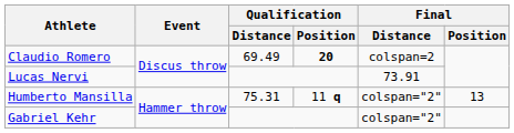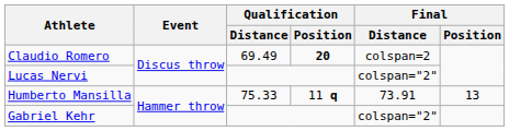 <table class="wikitable" style="font-size:90%">
 <tr>
 <th rowspan="2">Athlete</th>
 <th rowspan="2">Event</th>
 <th colspan="2">Qualification</th>
 <th colspan="2">Final</th>
 </tr>
 <tr>
 <th>Distance</th>
 <th>Position</th>
 <th>Distance</th>
 <th>Position</th>
 </tr>
 <tr style=text-align:center>
 <td style=text-align:left><a href='#'>Claudio Romero</a></td>
 <td style=text-align:left rowspan="2"><a href='#'>Discus throw</a></td>
 <td>69.49</td>
 <td><strong>20</strong></td>
 <td>colspan=2</td>
 </tr>
 <tr style=text-align:center>
 <td style=text-align:left><a href='#'>Lucas Nervi</a></td>
 <td colspan="2"></td>
-<td>73.91</td>
+<td>colspan="2" </td>
 </tr>
 <tr style=text-align:center>
 <td style=text-align:left><a href='#'>Humberto Mansilla</a></td>
 <td style=text-align:left rowspan="2"><a href='#'>Hammer throw</a></td>
-<td>75.31</td>
+<td>75.33</td>
 <td>11 <strong>q</strong></td>
-<td>colspan="2" </td>
+<td>73.91</td>
 <td>13</td>
 </tr>
 <tr style=text-align:center>
 <td style=text-align:left><a href='#'>Gabriel Kehr</a></td>
 <td colspan="2"></td>
 <td>colspan="2" </td>
 </tr>
 </table>
